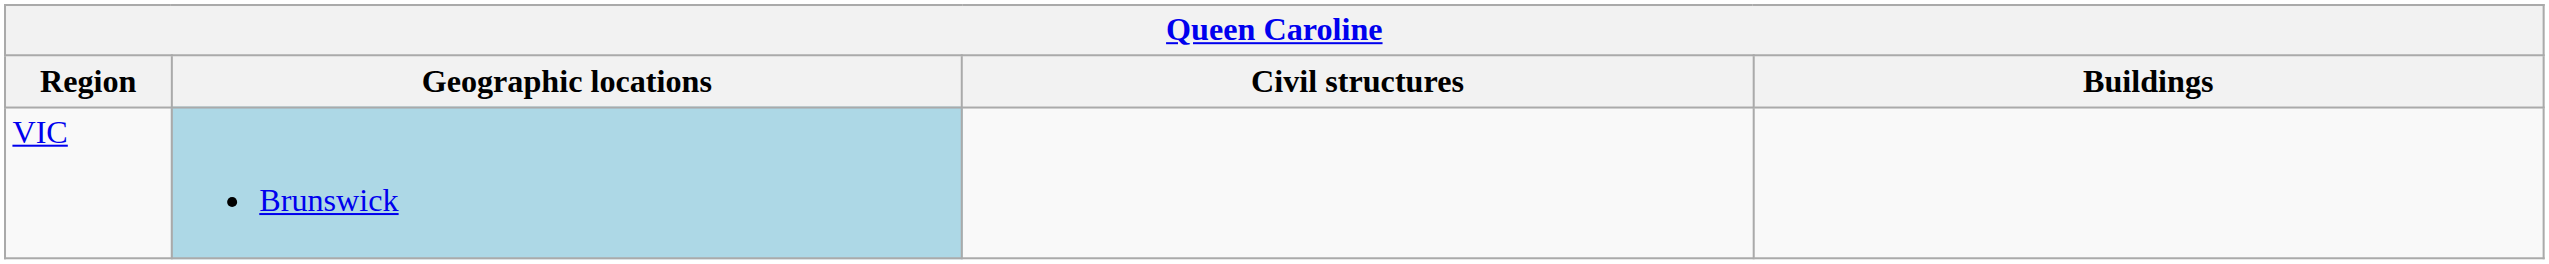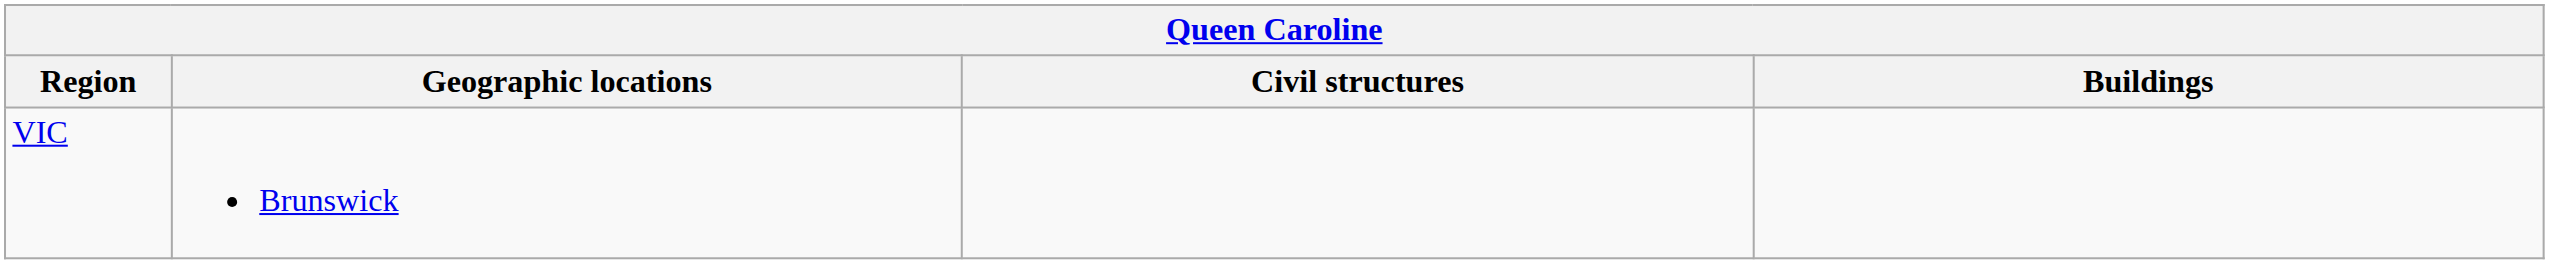 <table class="wikitable" width="100%">
 <tr>
 <th colspan="4"> <a href='#'>Queen Caroline</a></th>
 </tr>
 <tr>
 <th width="5%">Region</th>
 <th width="23.75%">Geographic locations</th>
 <th width="23.75%">Civil structures</th>
 <th width="23.75%">Buildings</th>
 </tr>
 <tr>
 <td align=left valign=top> <a href='#'>VIC</a></td>
-<td style="background: lightblue;"><br><ul><li><a href='#'>Brunswick</a></li></ul></td>
+<td><br><ul><li><a href='#'>Brunswick</a></li></ul></td>
 <td></td>
 <td></td>
 </tr>
 </table>
